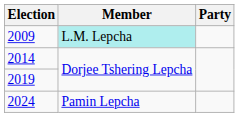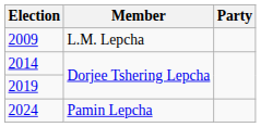 <table class="wikitable sortable">
 <tr>
 <th>Election</th>
 <th>Member</th>
 <th colspan=2>Party</th>
 </tr>
 <tr>
 <td><a href='#'>2009</a></td>
-<td style="background: paleturquoise;">L.M. Lepcha</td>
+<td>L.M. Lepcha</td>
 <td></td>
 </tr>
 <tr>
 <td><a href='#'>2014</a></td>
 <td rowspan=2><a href='#'>Dorjee Tshering Lepcha</a></td>
 </tr>
 <tr>
 <td><a href='#'>2019</a></td>
 </tr>
 <tr>
 <td><a href='#'>2024</a></td>
 <td rowspan=2><a href='#'>Pamin Lepcha</a></td>
 <td></td>
 </tr>
 </table>
